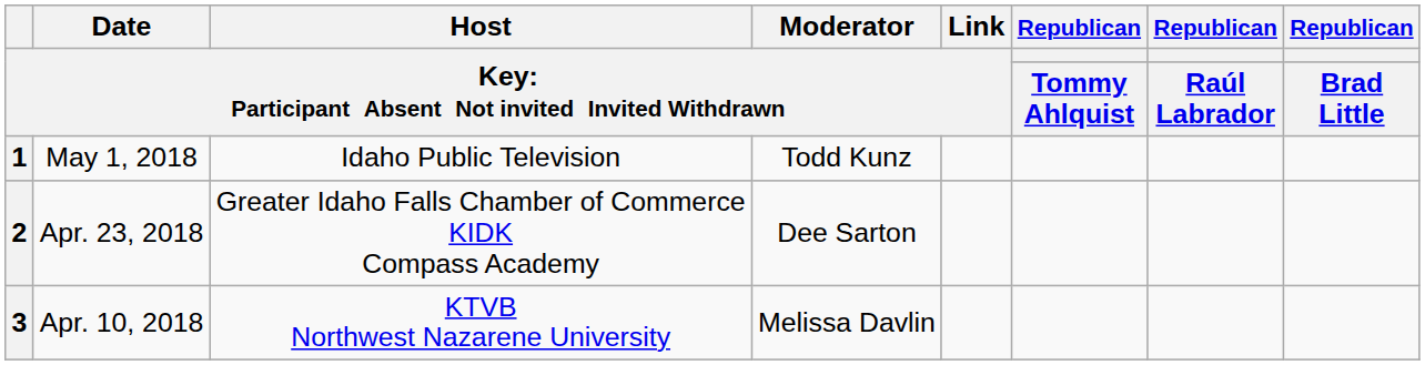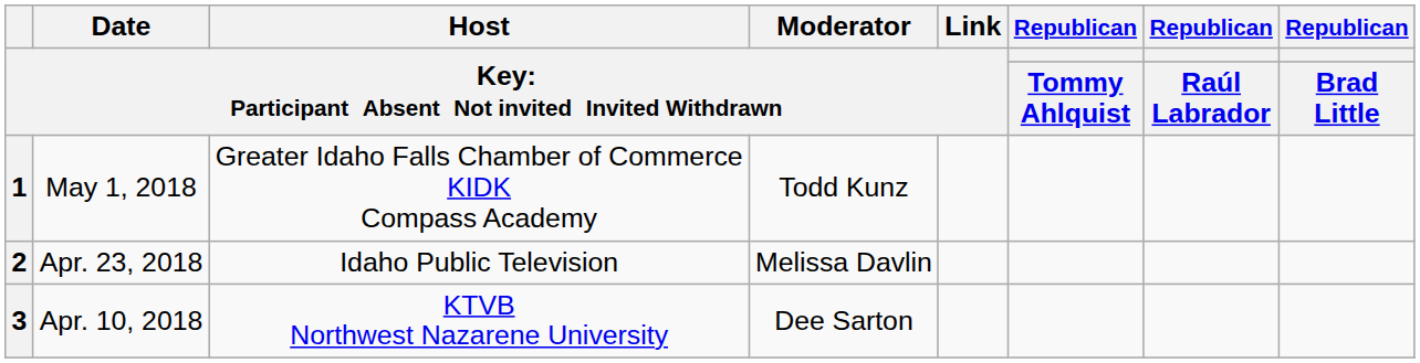 <table class="wikitable" style="text-align:center;">
 <tr>
 <th scope="col"></th>
 <th scope="col">Date</th>
 <th scope="col">Host</th>
 <th scope="col">Moderator</th>
 <th scope="col">Link</th>
 <th scope="col"><small><a href='#'>Republican</a></small></th>
 <th scope="col"><small><a href='#'>Republican</a></small></th>
 <th scope="col"><small><a href='#'>Republican</a></small></th>
 </tr>
 <tr>
 <th colspan="5" rowspan="2">Key:<br> <small>Participant </small>  <small>Absent </small>  <small>Not invited </small>  <small>Invited  Withdrawn</small></th>
 <th scope="col" style="background:"></th>
 <th scope="col" style="background:"></th>
 <th scope="col" style="background:"></th>
 </tr>
 <tr>
 <th scope="col"><a href='#'>Tommy Ahlquist</a></th>
 <th scope="col"><a href='#'>Raúl Labrador</a></th>
 <th scope="col"><a href='#'>Brad Little</a></th>
 </tr>
 <tr>
 <th>1</th>
 <td style="white-space:nowrap;">May 1, 2018</td>
-<td style="white-space:nowrap;">Idaho Public Television</td>
+<td style="white-space:nowrap;">Greater Idaho Falls Chamber of Commerce<br><a href='#'>KIDK</a><br>Compass Academy</td>
 <td style="white-space:nowrap;">Todd Kunz</td>
 <td style="white-space:nowrap;"></td>
 <td></td>
 <td></td>
 <td></td>
 </tr>
 <tr>
 <th>2</th>
 <td style="white-space:nowrap;">Apr. 23, 2018</td>
-<td style="white-space:nowrap;">Greater Idaho Falls Chamber of Commerce<br><a href='#'>KIDK</a><br>Compass Academy</td>
-<td style="white-space:nowrap;">Dee Sarton</td>
+<td style="white-space:nowrap;">Idaho Public Television</td>
+<td style="white-space:nowrap;">Melissa Davlin</td>
 <td style="white-space:nowrap;"></td>
 <td></td>
 <td></td>
 <td></td>
 </tr>
 <tr>
 <th>3</th>
 <td style="white-space:nowrap;">Apr. 10, 2018</td>
 <td style="white-space:nowrap;"><a href='#'>KTVB</a><br><a href='#'>Northwest Nazarene University</a></td>
-<td style="white-space:nowrap;">Melissa Davlin</td>
+<td style="white-space:nowrap;">Dee Sarton</td>
 <td style="white-space:nowrap;"></td>
 <td></td>
 <td></td>
 <td></td>
 </tr>
 </table>
